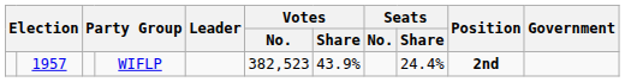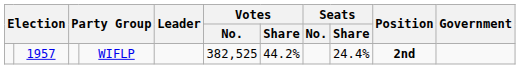 <table class="wikitable" style="text-align:center">
 <tr>
 <th colspan="2" rowspan="2">Election</th>
 <th colspan=3 rowspan=2>Party Group</th>
 <th rowspan=2>Leader</th>
 <th colspan=2>Votes</th>
 <th colspan="2">Seats</th>
 <th rowspan=2>Position</th>
 <th rowspan="2">Government</th>
 </tr>
 <tr>
 <th>No.</th>
 <th>Share</th>
 <th>No.</th>
 <th>Share</th>
 </tr>
 <tr>
 <td></td>
 <td><a href='#'>1957</a></td>
 <td colspan="2" style="background:"></td>
 <td><a href='#'>WIFLP</a></td>
 <td></td>
-<td style="text-align:right;">382,523</td>
-<td style="text-align:right;">43.9%</td>
+<td style="text-align:right;">382,525</td>
+<td style="text-align:right;">44.2%</td>
 <td></td>
 <td style="text-align:right;">24.4%</td>
 <td><strong>2nd</strong></td>
 <td></td>
 </tr>
 </table>
